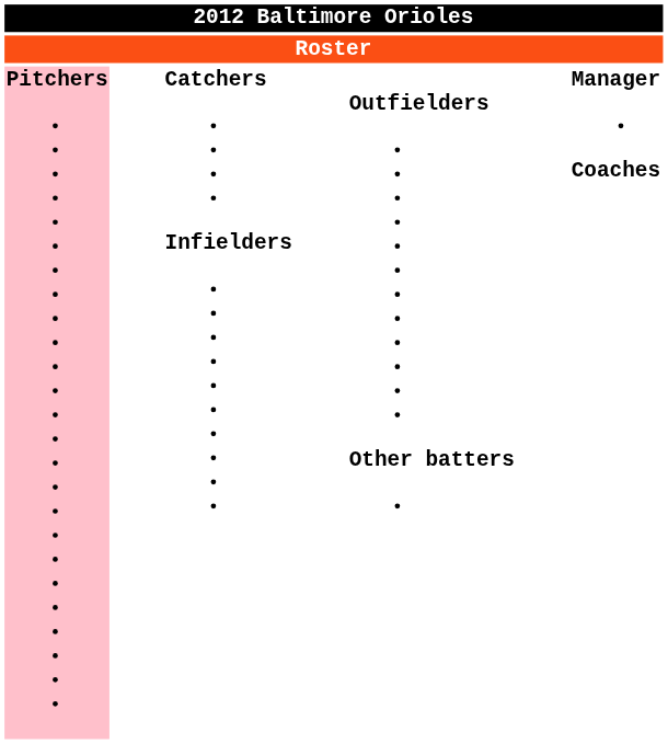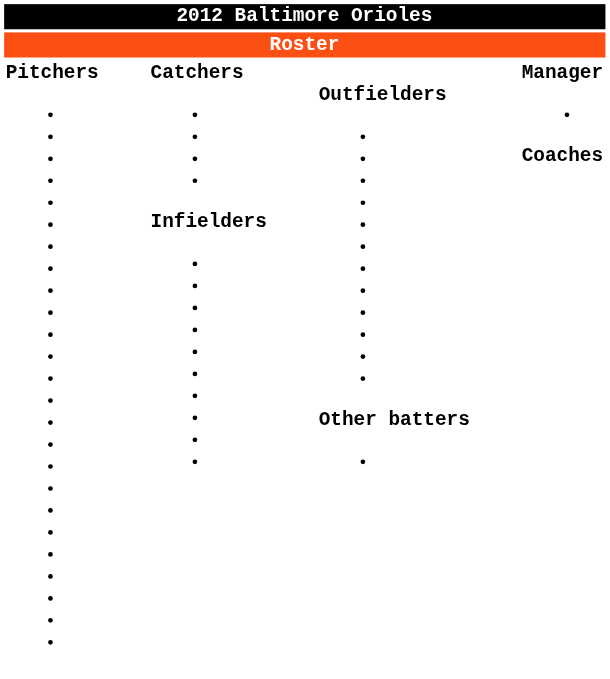 <table class="toccolours" style="font-size: 95%;">
 <tr>
 <th colspan="10" style="background:black; color:#fff; text-align:center;">2012 Baltimore Orioles</th>
 </tr>
 <tr>
 <td colspan="10" style="background:#fb4f14; color:white; text-align:center;"><strong>Roster</strong></td>
 </tr>
 <tr>
-<td valign="top" style="background: pink;"><strong>Pitchers</strong><br><ul><li></li><li></li><li></li><li></li><li></li><li></li><li></li><li></li><li></li><li></li><li></li><li></li><li></li><li></li><li></li><li></li><li></li><li></li><li></li><li></li><li></li><li></li><li></li><li></li><li></li></ul></td>
+<td valign="top"><strong>Pitchers</strong><br><ul><li></li><li></li><li></li><li></li><li></li><li></li><li></li><li></li><li></li><li></li><li></li><li></li><li></li><li></li><li></li><li></li><li></li><li></li><li></li><li></li><li></li><li></li><li></li><li></li><li></li></ul></td>
 <td style="width:25px;"></td>
 <td valign="top"><strong>Catchers</strong><br><ul><li></li><li></li><li></li><li></li></ul><strong>Infielders</strong><ul><li></li><li></li><li></li><li></li><li></li><li></li><li></li><li></li><li></li><li></li></ul></td>
 <td style="width:25px;"></td>
 <td valign="top"><br><strong>Outfielders</strong><ul><li></li><li></li><li></li><li></li><li></li><li></li><li></li><li></li><li></li><li></li><li></li><li></li></ul><strong>Other batters</strong><ul><li></li></ul></td>
 <td style="width:25px;"></td>
 <td valign="top"><strong>Manager</strong><br><ul><li></li></ul><strong>Coaches</strong>                </td>
 </tr>
 </table>
